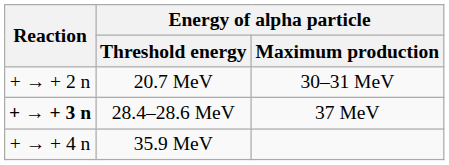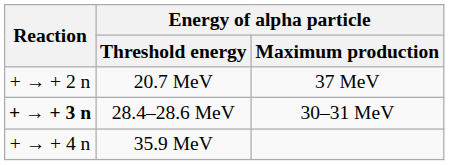 <table class="wikitable">
 <tr>
 <th rowspan=2>Reaction</th>
 <th colspan=2>Energy of alpha particle</th>
 </tr>
 <tr>
 <th>Threshold energy</th>
 <th>Maximum production</th>
 </tr>
 <tr>
 <td style="text-align:center;"> +  →  + 2 n</td>
 <td style="text-align:center;">20.7 MeV</td>
-<td style="text-align:center;">30–31 MeV</td>
+<td style="text-align:center;">37 MeV</td>
 </tr>
 <tr>
 <td style="text-align:center;"><strong> +  →  + 3 n</strong></td>
 <td style="text-align:center;">28.4–28.6 MeV</td>
-<td style="text-align:center;">37 MeV</td>
+<td style="text-align:center;">30–31 MeV</td>
 </tr>
 <tr>
 <td style="text-align:center;"> +  →  + 4 n</td>
 <td style="text-align:center;">35.9 MeV</td>
 <td style="text-align:center;"></td>
 </tr>
 </table>
